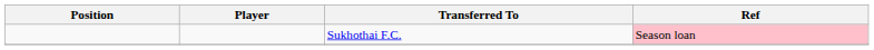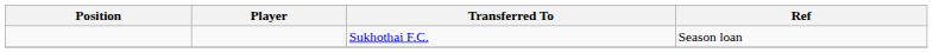 <table class="wikitable sortable" style="width:70%; text-align:center; font-size:100%; text-align:left;">
 <tr>
 <th><strong>Position</strong></th>
 <th><strong>Player</strong></th>
 <th><strong>Transferred To</strong></th>
 <th><strong>Ref</strong></th>
 </tr>
 <tr>
 <td></td>
 <td></td>
 <td> <a href='#'>Sukhothai F.C.</a></td>
-<td style="background: pink;">Season loan</td>
+<td>Season loan</td>
 </tr>
 <tr>
 </tr>
 </table>
